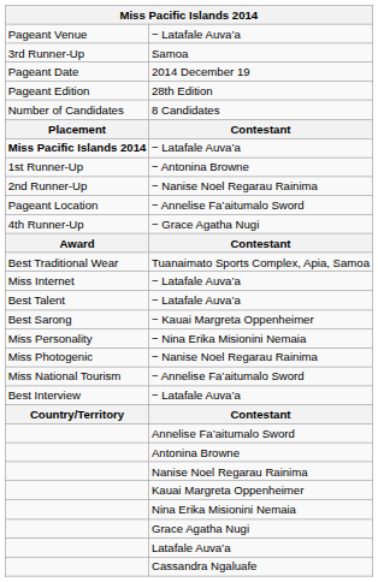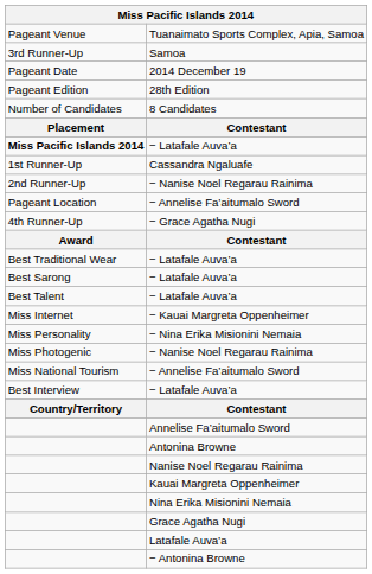 <table class="wikitable sortable" style="font-size: 80%;">
 <tr>
 <th colspan="2"><strong>Miss Pacific Islands 2014</strong></th>
 </tr>
 <tr>
 <td>Pageant Venue</td>
-<td> − Latafale Auva’a</td>
+<td>Tuanaimato Sports Complex, Apia, Samoa</td>
 </tr>
 <tr>
 <td>3rd Runner-Up</td>
 <td>Samoa</td>
 </tr>
 <tr>
 <td>Pageant Date</td>
 <td>2014 December 19</td>
 </tr>
 <tr>
 <td>Pageant Edition</td>
 <td>28th Edition</td>
 </tr>
 <tr>
 <td>Number of Candidates</td>
 <td>8 Candidates</td>
 </tr>
 <tr>
 <th>Placement</th>
 <th>Contestant</th>
 </tr>
 <tr>
 <td><strong>Miss Pacific Islands 2014</strong></td>
 <td> − Latafale Auva’a</td>
 </tr>
 <tr>
 <td>1st Runner-Up</td>
-<td> − Antonina Browne</td>
+<td>Cassandra Ngaluafe</td>
 </tr>
 <tr>
 <td>2nd Runner-Up</td>
 <td> − Nanise Noel Regarau Rainima</td>
 </tr>
 <tr>
 <td>Pageant Location</td>
 <td> − Annelise Fa’aitumalo Sword</td>
 </tr>
 <tr>
 <td>4th Runner-Up</td>
 <td> − Grace Agatha Nugi</td>
 </tr>
 <tr>
 <th>Award</th>
 <th>Contestant</th>
 </tr>
 <tr>
 <td>Best Traditional Wear</td>
-<td>Tuanaimato Sports Complex, Apia, Samoa</td>
+<td> − Latafale Auva’a</td>
 </tr>
 <tr>
-<td>Miss Internet</td>
+<td>Best Sarong</td>
 <td> − Latafale Auva’a</td>
 </tr>
 <tr>
 <td>Best Talent</td>
 <td> − Latafale Auva’a</td>
 </tr>
 <tr>
-<td>Best Sarong</td>
+<td>Miss Internet</td>
 <td> − Kauai Margreta Oppenheimer</td>
 </tr>
 <tr>
 <td>Miss Personality</td>
 <td> − Nina Erika Misionini Nemaia</td>
 </tr>
 <tr>
 <td>Miss Photogenic</td>
 <td> − Nanise Noel Regarau Rainima</td>
 </tr>
 <tr>
 <td>Miss National Tourism</td>
 <td> − Annelise Fa’aitumalo Sword</td>
 </tr>
 <tr>
 <td>Best Interview</td>
 <td> − Latafale Auva’a</td>
 </tr>
 <tr>
 <th><strong>Country/Territory</strong></th>
 <th>Contestant</th>
 </tr>
 <tr>
 <td></td>
 <td>Annelise Fa’aitumalo Sword</td>
 </tr>
 <tr>
 <td></td>
 <td>Antonina Browne</td>
 </tr>
 <tr>
 <td></td>
 <td>Nanise Noel Regarau Rainima</td>
 </tr>
 <tr>
 <td></td>
 <td>Kauai Margreta Oppenheimer</td>
 </tr>
 <tr>
 <td></td>
 <td>Nina Erika Misionini Nemaia</td>
 </tr>
 <tr>
 <td></td>
 <td>Grace Agatha Nugi</td>
 </tr>
 <tr>
 <td></td>
 <td>Latafale Auva’a</td>
 </tr>
 <tr>
 <td></td>
-<td>Cassandra Ngaluafe</td>
+<td> − Antonina Browne</td>
 </tr>
 </table>
